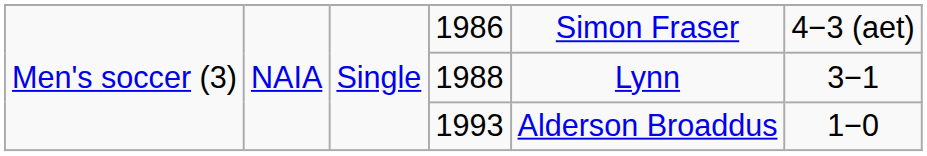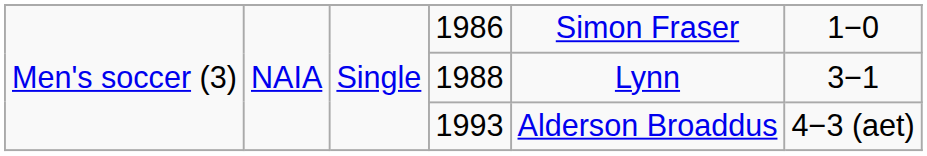 <table class="wikitable">
 <tr>
 </tr>
 <tr align="center">
 <td rowspan="3"><a href='#'>Men's soccer</a> (3)</td>
 <td rowspan="3"><a href='#'>NAIA</a></td>
 <td rowspan="3"><a href='#'>Single</a></td>
 <td>1986</td>
 <td><a href='#'>Simon Fraser</a></td>
-<td>4−3 (aet)</td>
+<td>1−0</td>
 </tr>
 <tr align="center">
 <td>1988</td>
 <td><a href='#'>Lynn</a></td>
 <td>3−1</td>
 </tr>
 <tr align="center">
 <td>1993</td>
 <td><a href='#'>Alderson Broaddus</a></td>
-<td>1−0</td>
+<td>4−3 (aet)</td>
 </tr>
 </table>
